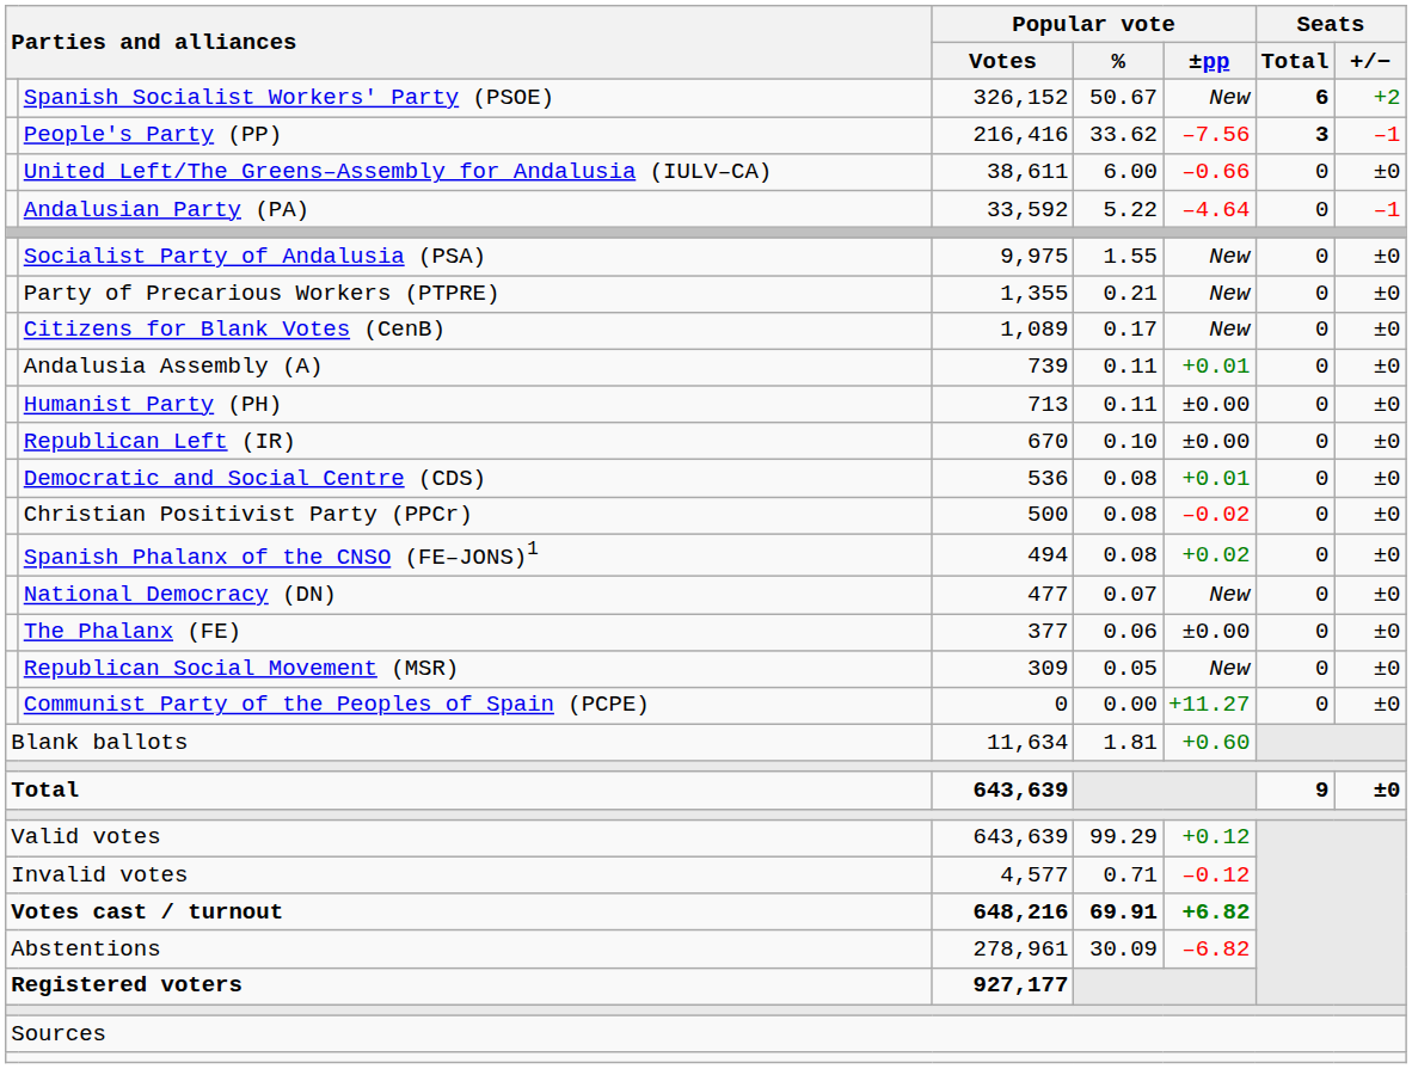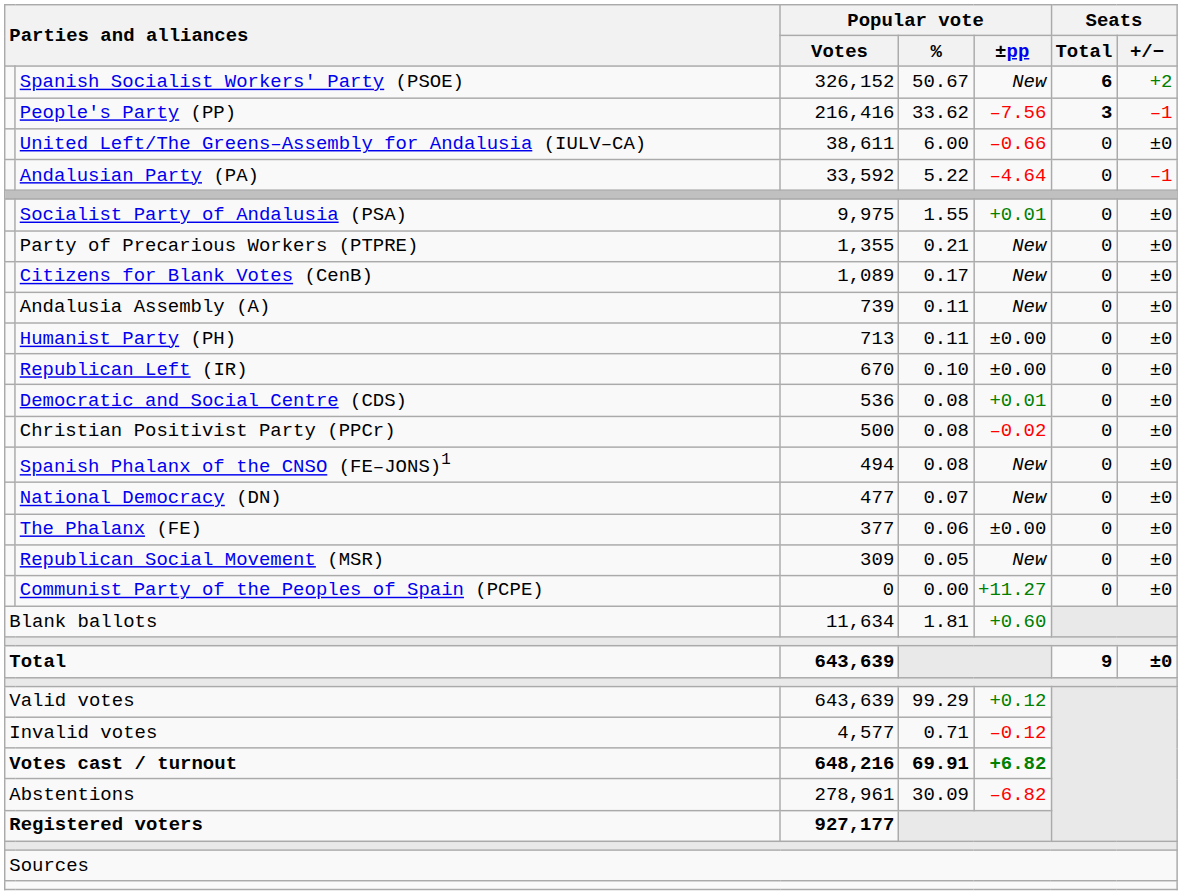 <table class="wikitable" style="text-align:right;">
 <tr>
 <th style="text-align:left;" rowspan="2" colspan="2" width="525">Parties and alliances</th>
 <th colspan="3">Popular vote</th>
 <th colspan="2">Seats</th>
 </tr>
 <tr>
 <th width="75">Votes</th>
 <th width="45">%</th>
 <th width="45">±<a href='#'>pp</a></th>
 <th width="35">Total</th>
 <th width="35">+/−</th>
 </tr>
 <tr>
 <td width="1" style="color:inherit;background:"></td>
 <td align="left"><a href='#'>Spanish Socialist Workers' Party</a> (PSOE)</td>
 <td>326,152</td>
 <td>50.67</td>
 <td><em>New</em></td>
 <td><strong>6</strong></td>
 <td style="color:green;">+2</td>
 </tr>
 <tr>
 <td style="color:inherit;background:"></td>
 <td align="left"><a href='#'>People's Party</a> (PP)</td>
 <td>216,416</td>
 <td>33.62</td>
 <td style="color:red;">–7.56</td>
 <td><strong>3</strong></td>
 <td style="color:red;">–1</td>
 </tr>
 <tr>
 <td style="color:inherit;background:"></td>
 <td align="left"><a href='#'>United Left/The Greens–Assembly for Andalusia</a> (IULV–CA)</td>
 <td>38,611</td>
 <td>6.00</td>
 <td style="color:red;">–0.66</td>
 <td>0</td>
 <td>±0</td>
 </tr>
 <tr>
 <td style="color:inherit;background:"></td>
 <td align="left"><a href='#'>Andalusian Party</a> (PA)</td>
 <td>33,592</td>
 <td>5.22</td>
 <td style="color:red;">–4.64</td>
 <td>0</td>
 <td style="color:red;">–1</td>
 </tr>
 <tr>
 <td colspan="7" bgcolor="#C0C0C0"></td>
 </tr>
 <tr>
 <td style="color:inherit;background:"></td>
 <td align="left"><a href='#'>Socialist Party of Andalusia</a> (PSA)</td>
 <td>9,975</td>
 <td>1.55</td>
-<td><em>New</em></td>
+<td style="color:green;">+0.01</td>
 <td>0</td>
 <td>±0</td>
 </tr>
 <tr>
 <td style="color:inherit;background:"></td>
 <td align="left">Party of Precarious Workers (PTPRE)</td>
 <td>1,355</td>
 <td>0.21</td>
 <td><em>New</em></td>
 <td>0</td>
 <td>±0</td>
 </tr>
 <tr>
 <td style="color:inherit;background:"></td>
 <td align="left"><a href='#'>Citizens for Blank Votes</a> (CenB)</td>
 <td>1,089</td>
 <td>0.17</td>
 <td><em>New</em></td>
 <td>0</td>
 <td>±0</td>
 </tr>
 <tr>
 <td style="color:inherit;background:"></td>
 <td align="left">Andalusia Assembly (A)</td>
 <td>739</td>
 <td>0.11</td>
-<td style="color:green;">+0.01</td>
+<td><em>New</em></td>
 <td>0</td>
 <td>±0</td>
 </tr>
 <tr>
 <td style="color:inherit;background:"></td>
 <td align="left"><a href='#'>Humanist Party</a> (PH)</td>
 <td>713</td>
 <td>0.11</td>
 <td>±0.00</td>
 <td>0</td>
 <td>±0</td>
 </tr>
 <tr>
 <td style="color:inherit;background:"></td>
 <td align="left"><a href='#'>Republican Left</a> (IR)</td>
 <td>670</td>
 <td>0.10</td>
 <td>±0.00</td>
 <td>0</td>
 <td>±0</td>
 </tr>
 <tr>
 <td style="color:inherit;background:"></td>
 <td align="left"><a href='#'>Democratic and Social Centre</a> (CDS)</td>
 <td>536</td>
 <td>0.08</td>
 <td style="color:green;">+0.01</td>
 <td>0</td>
 <td>±0</td>
 </tr>
 <tr>
 <td style="color:inherit;background:"></td>
 <td align="left">Christian Positivist Party (PPCr)</td>
 <td>500</td>
 <td>0.08</td>
 <td style="color:red;">–0.02</td>
 <td>0</td>
 <td>±0</td>
 </tr>
 <tr>
 <td style="color:inherit;background:"></td>
 <td align="left"><a href='#'>Spanish Phalanx of the CNSO</a> (FE–JONS)<sup>1</sup></td>
 <td>494</td>
 <td>0.08</td>
-<td style="color:green;">+0.02</td>
+<td><em>New</em></td>
 <td>0</td>
 <td>±0</td>
 </tr>
 <tr>
 <td style="color:inherit;background:"></td>
 <td align="left"><a href='#'>National Democracy</a> (DN)</td>
 <td>477</td>
 <td>0.07</td>
 <td><em>New</em></td>
 <td>0</td>
 <td>±0</td>
 </tr>
 <tr>
 <td style="color:inherit;background:"></td>
 <td align="left"><a href='#'>The Phalanx</a> (FE)</td>
 <td>377</td>
 <td>0.06</td>
 <td>±0.00</td>
 <td>0</td>
 <td>±0</td>
 </tr>
 <tr>
 <td style="color:inherit;background:"></td>
 <td align="left"><a href='#'>Republican Social Movement</a> (MSR)</td>
 <td>309</td>
 <td>0.05</td>
 <td><em>New</em></td>
 <td>0</td>
 <td>±0</td>
 </tr>
 <tr>
 <td style="color:inherit;background:"></td>
 <td align="left"><a href='#'>Communist Party of the Peoples of Spain</a> (PCPE)</td>
 <td>0</td>
 <td>0.00</td>
 <td style="color:green;">+11.27</td>
 <td>0</td>
 <td>±0</td>
 </tr>
 <tr>
 <td align="left" colspan="2">Blank ballots</td>
 <td>11,634</td>
 <td>1.81</td>
 <td style="color:green;">+0.60</td>
 <td bgcolor="#E9E9E9" colspan="2"></td>
 </tr>
 <tr>
 <td colspan="7" bgcolor="#E9E9E9"></td>
 </tr>
 <tr style="font-weight:bold;">
 <td align="left" colspan="2">Total</td>
 <td>643,639</td>
 <td bgcolor="#E9E9E9" colspan="2"></td>
 <td>9</td>
 <td>±0</td>
 </tr>
 <tr>
 <td colspan="7" bgcolor="#E9E9E9"></td>
 </tr>
 <tr>
 <td align="left" colspan="2">Valid votes</td>
 <td>643,639</td>
 <td>99.29</td>
 <td style="color:green;">+0.12</td>
 <td bgcolor="#E9E9E9" colspan="2" rowspan="5"></td>
 </tr>
 <tr>
 <td align="left" colspan="2">Invalid votes</td>
 <td>4,577</td>
 <td>0.71</td>
 <td style="color:red;">–0.12</td>
 </tr>
 <tr style="font-weight:bold;">
 <td align="left" colspan="2">Votes cast / turnout</td>
 <td>648,216</td>
 <td>69.91</td>
 <td style="color:green;">+6.82</td>
 </tr>
 <tr>
 <td align="left" colspan="2">Abstentions</td>
 <td>278,961</td>
 <td>30.09</td>
 <td style="color:red;">–6.82</td>
 </tr>
 <tr style="font-weight:bold;">
 <td align="left" colspan="2">Registered voters</td>
 <td>927,177</td>
 <td bgcolor="#E9E9E9" colspan="2"></td>
 </tr>
 <tr>
 <td colspan="7" bgcolor="#E9E9E9"></td>
 </tr>
 <tr>
 <td align="left" colspan="7">Sources</td>
 </tr>
 <tr>
 <td colspan="7" style="text-align:left; max-width:790px;"></td>
 </tr>
 </table>
